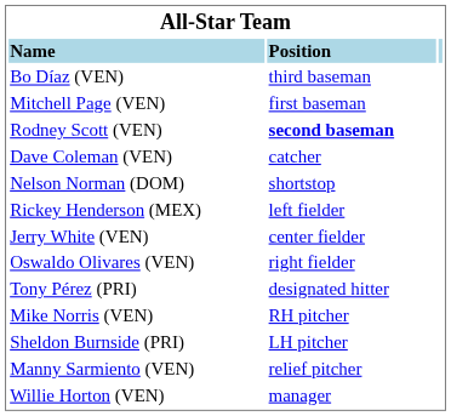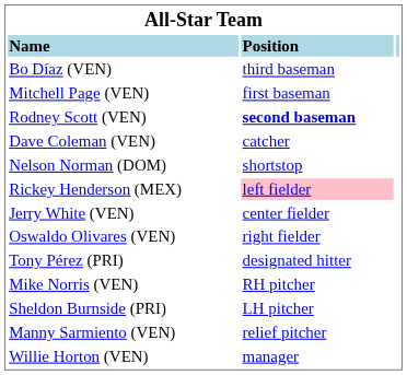 <table cellpadding="1"  style="width:350px; font-size:90%; border:1px solid gray;">
 <tr style="text-align:center; font-size:larger;">
 <td colspan=6><strong>All-Star Team</strong></td>
 </tr>
 <tr style="background:lightblue;">
 <td><strong>Name</strong></td>
 <td><strong>Position</strong></td>
 <td></td>
 </tr>
 <tr>
 <td><a href='#'>Bo Díaz</a> (VEN)</td>
 <td><a href='#'>third baseman</a></td>
 </tr>
 <tr>
 <td><a href='#'>Mitchell Page</a> (VEN)</td>
 <td><a href='#'>first baseman</a></td>
 </tr>
 <tr>
 <td><a href='#'>Rodney Scott</a> (VEN)</td>
 <td><strong><a href='#'>second baseman</a></strong></td>
 </tr>
 <tr>
 <td><a href='#'>Dave Coleman</a> (VEN)</td>
 <td><a href='#'>catcher</a></td>
 </tr>
 <tr>
 <td><a href='#'>Nelson Norman</a> (DOM)</td>
 <td><a href='#'>shortstop</a></td>
 </tr>
 <tr>
 <td><a href='#'>Rickey Henderson</a> (MEX)</td>
-<td><a href='#'>left fielder</a></td>
+<td style="background: pink;"><a href='#'>left fielder</a></td>
 </tr>
 <tr>
 <td><a href='#'>Jerry White</a> (VEN)</td>
 <td><a href='#'>center fielder</a></td>
 </tr>
 <tr>
 <td><a href='#'>Oswaldo Olivares</a> (VEN)</td>
 <td><a href='#'>right fielder</a></td>
 </tr>
 <tr>
 <td><a href='#'>Tony Pérez</a> (PRI)</td>
 <td><a href='#'>designated hitter</a></td>
 </tr>
 <tr>
 <td><a href='#'>Mike Norris</a> (VEN)</td>
 <td><a href='#'>RH pitcher</a></td>
 </tr>
 <tr>
 <td><a href='#'>Sheldon Burnside</a> (PRI)</td>
 <td><a href='#'>LH pitcher</a></td>
 </tr>
 <tr>
 <td><a href='#'>Manny Sarmiento</a> (VEN)</td>
 <td><a href='#'>relief pitcher</a></td>
 </tr>
 <tr>
 <td><a href='#'>Willie Horton</a> (VEN)</td>
 <td><a href='#'>manager</a></td>
 </tr>
 </table>
